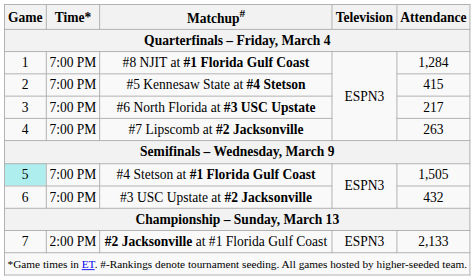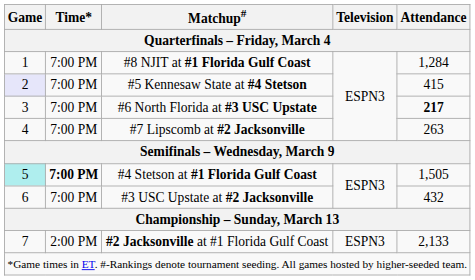 <table class="wikitable" style="font-size: 95%; text-align:center;">
 <tr align="center">
 <th>Game</th>
 <th>Time*</th>
 <th>Matchup<sup>#</sup></th>
 <th>Television</th>
 <th>Attendance</th>
 </tr>
 <tr>
 <th colspan=6>Quarterfinals – Friday, March 4</th>
 </tr>
 <tr>
 <td>1</td>
 <td>7:00 PM</td>
 <td>#8 NJIT at <strong>#1 Florida Gulf Coast</strong></td>
 <td rowspan=4>ESPN3</td>
 <td>1,284</td>
 </tr>
 <tr>
-<td>2</td>
+<td style="background: lavender;">2</td>
 <td>7:00 PM</td>
 <td>#5 Kennesaw State at <strong>#4 Stetson</strong></td>
 <td>415</td>
 </tr>
 <tr>
 <td>3</td>
 <td>7:00 PM</td>
 <td>#6 North Florida at <strong>#3 USC Upstate</strong></td>
-<td>217</td>
+<td><strong>217</strong></td>
 </tr>
 <tr>
 <td>4</td>
 <td>7:00 PM</td>
 <td>#7 Lipscomb at <strong>#2 Jacksonville</strong></td>
 <td>263</td>
 </tr>
 <tr>
 <th colspan=6>Semifinals – Wednesday, March 9</th>
 </tr>
 <tr>
 <td style="background: paleturquoise;">5</td>
-<td>7:00 PM</td>
+<td><strong>7:00 PM</strong></td>
 <td>#4 Stetson at <strong>#1 Florida Gulf Coast</strong></td>
 <td rowspan=2>ESPN3</td>
 <td>1,505</td>
 </tr>
 <tr>
 <td>6</td>
 <td>7:00 PM</td>
 <td>#3 USC Upstate at <strong>#2 Jacksonville</strong></td>
 <td>432</td>
 </tr>
 <tr>
 <th colspan=6>Championship – Sunday, March 13</th>
 </tr>
 <tr>
 <td>7</td>
 <td>2:00 PM</td>
 <td><strong>#2 Jacksonville</strong> at #1 Florida Gulf Coast</td>
 <td>ESPN3</td>
 <td>2,133</td>
 </tr>
 <tr>
 <td colspan=5 style="text-align:left;"><small>*Game times in <a href='#'>ET</a>. #-Rankings denote tournament seeding. All games hosted by higher-seeded team.</small></td>
 </tr>
 </table>
